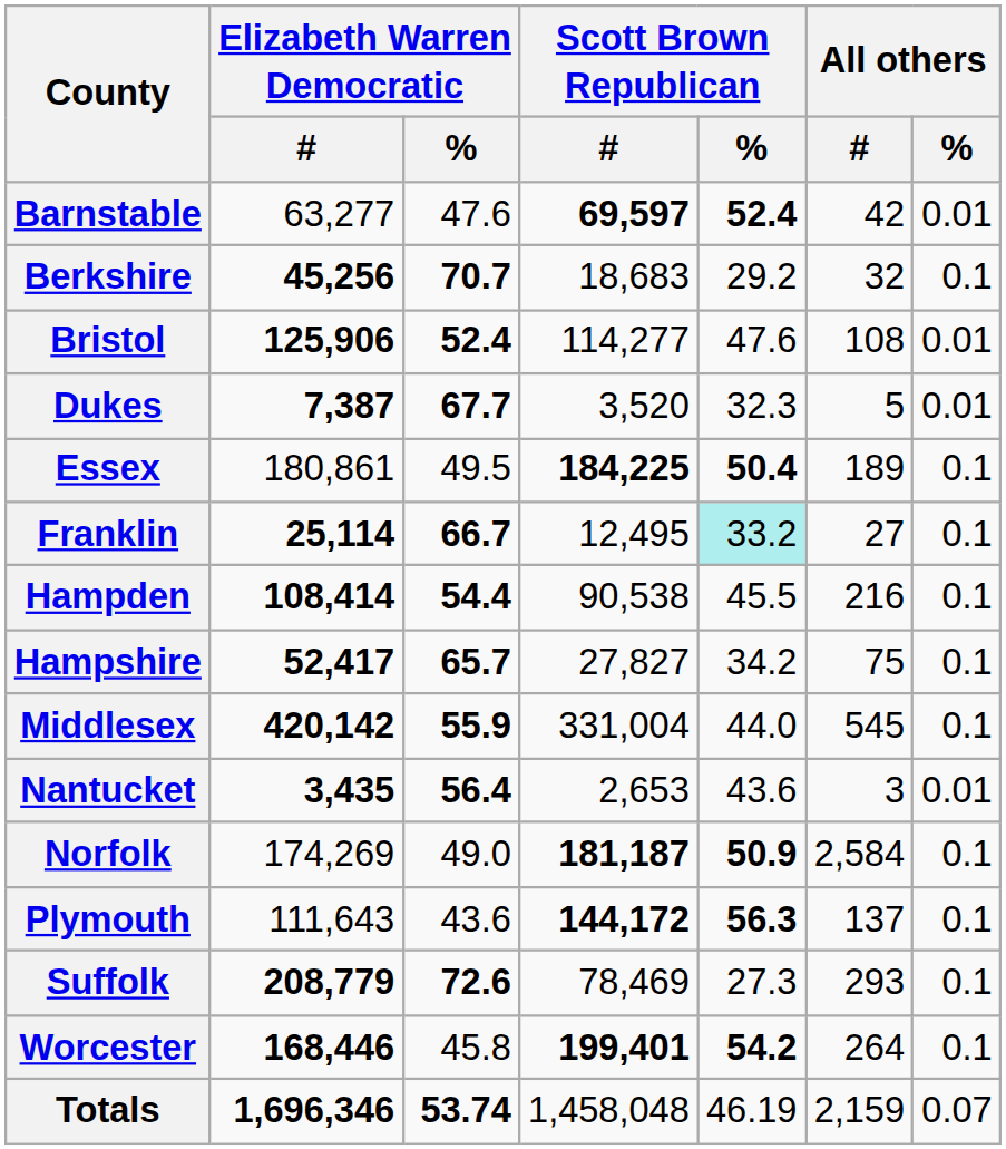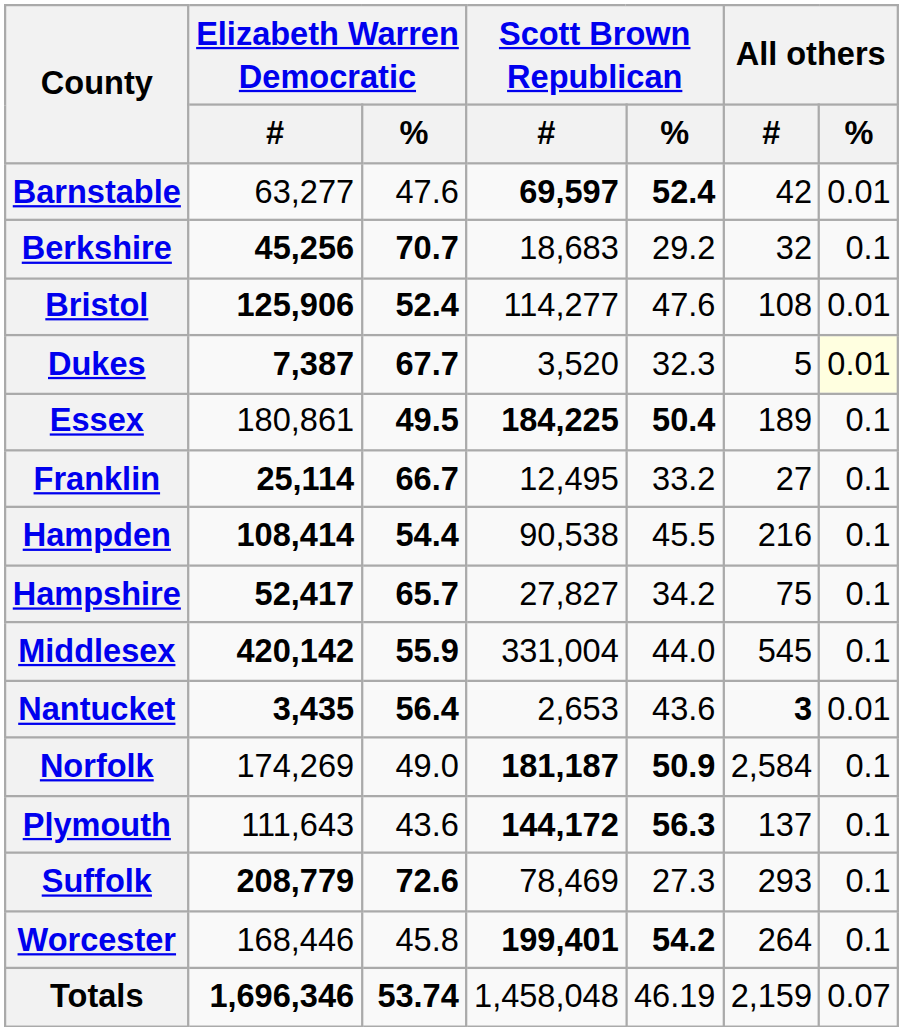 <table class="wikitable sortable" style="text-align:right;font-size:90%;line-height:1.3">
 <tr>
 <th rowspan="2">County</th>
 <th colspan="2"><a href='#'>Elizabeth Warren</a><br><a href='#'>Democratic</a></th>
 <th colspan="2"><a href='#'>Scott Brown</a><br><a href='#'>Republican</a></th>
 <th colspan="2">All others</th>
 </tr>
 <tr>
 <th data-sort-type="number">#</th>
 <th data-sort-type="number">%</th>
 <th data-sort-type="number">#</th>
 <th data-sort-type="number">%</th>
 <th data-sort-type="number">#</th>
 <th data-sort-type="number">%</th>
 </tr>
 <tr>
 <th><a href='#'>Barnstable</a></th>
 <td>63,277</td>
 <td>47.6</td>
 <td><strong>69,597</strong></td>
 <td><strong>52.4</strong></td>
 <td>42</td>
 <td>0.01</td>
 </tr>
 <tr>
 <th><a href='#'>Berkshire</a></th>
 <td><strong>45,256</strong></td>
 <td><strong>70.7</strong></td>
 <td>18,683</td>
 <td>29.2</td>
 <td>32</td>
 <td>0.1</td>
 </tr>
 <tr>
 <th><a href='#'>Bristol</a></th>
 <td><strong>125,906</strong></td>
 <td><strong>52.4</strong></td>
 <td>114,277</td>
 <td>47.6</td>
 <td>108</td>
 <td>0.01</td>
 </tr>
 <tr>
 <th><a href='#'>Dukes</a></th>
 <td><strong>7,387</strong></td>
 <td><strong>67.7</strong></td>
 <td>3,520</td>
 <td>32.3</td>
 <td>5</td>
-<td>0.01</td>
+<td style="background: lightyellow;">0.01</td>
 </tr>
 <tr>
 <th><a href='#'>Essex</a></th>
 <td>180,861</td>
-<td>49.5</td>
+<td><strong>49.5</strong></td>
 <td><strong>184,225</strong></td>
 <td><strong>50.4</strong></td>
 <td>189</td>
 <td>0.1</td>
 </tr>
 <tr>
 <th><a href='#'>Franklin</a></th>
 <td><strong>25,114</strong></td>
 <td><strong>66.7</strong></td>
 <td>12,495</td>
-<td style="background: paleturquoise;">33.2</td>
+<td>33.2</td>
 <td>27</td>
 <td>0.1</td>
 </tr>
 <tr>
 <th><a href='#'>Hampden</a></th>
 <td><strong>108,414</strong></td>
 <td><strong>54.4</strong></td>
 <td>90,538</td>
 <td>45.5</td>
 <td>216</td>
 <td>0.1</td>
 </tr>
 <tr>
 <th><a href='#'>Hampshire</a></th>
 <td><strong>52,417</strong></td>
 <td><strong>65.7</strong></td>
 <td>27,827</td>
 <td>34.2</td>
 <td>75</td>
 <td>0.1</td>
 </tr>
 <tr>
 <th><a href='#'>Middlesex</a></th>
 <td><strong>420,142</strong></td>
 <td><strong>55.9</strong></td>
 <td>331,004</td>
 <td>44.0</td>
 <td>545</td>
 <td>0.1</td>
 </tr>
 <tr>
 <th><a href='#'>Nantucket</a></th>
 <td><strong>3,435</strong></td>
 <td><strong>56.4</strong></td>
 <td>2,653</td>
 <td>43.6</td>
-<td>3</td>
+<td><strong>3</strong></td>
 <td>0.01</td>
 </tr>
 <tr>
 <th><a href='#'>Norfolk</a></th>
 <td>174,269</td>
 <td>49.0</td>
 <td><strong>181,187</strong></td>
 <td><strong>50.9</strong></td>
 <td>2,584</td>
 <td>0.1</td>
 </tr>
 <tr>
 <th><a href='#'>Plymouth</a></th>
 <td>111,643</td>
 <td>43.6</td>
 <td><strong>144,172</strong></td>
 <td><strong>56.3</strong></td>
 <td>137</td>
 <td>0.1</td>
 </tr>
 <tr>
 <th><a href='#'>Suffolk</a></th>
 <td><strong>208,779</strong></td>
 <td><strong>72.6</strong></td>
 <td>78,469</td>
 <td>27.3</td>
 <td>293</td>
 <td>0.1</td>
 </tr>
 <tr>
 <th><a href='#'>Worcester</a></th>
-<td><strong>168,446</strong></td>
+<td>168,446</td>
 <td>45.8</td>
 <td><strong>199,401</strong></td>
 <td><strong>54.2</strong></td>
 <td>264</td>
 <td>0.1</td>
 </tr>
 <tr class=sortbottom>
 <th>Totals</th>
 <td><strong>1,696,346</strong></td>
 <td><strong>53.74</strong></td>
 <td>1,458,048</td>
 <td>46.19</td>
 <td>2,159</td>
 <td>0.07</td>
 </tr>
 </table>
